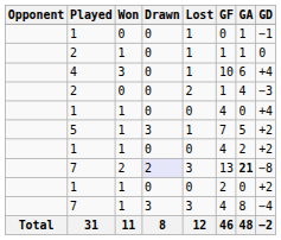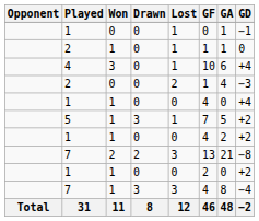 <table class="wikitable">
 <tr>
 <th>Opponent</th>
 <th>Played</th>
 <th>Won</th>
 <th>Drawn</th>
 <th>Lost</th>
 <th>GF</th>
 <th>GA</th>
 <th>GD</th>
 </tr>
 <tr bgcolor="#d0ffd0" align="center">
 </tr>
 <tr>
 <td align="left"></td>
 <td>1</td>
 <td>0</td>
 <td>0</td>
 <td>1</td>
 <td>0</td>
 <td>1</td>
 <td>−1</td>
 </tr>
 <tr>
 <td align="left"></td>
 <td>2</td>
 <td>1</td>
 <td>0</td>
 <td>1</td>
 <td>1</td>
 <td>1</td>
 <td>0</td>
 </tr>
 <tr>
 <td align="left"></td>
 <td>4</td>
 <td>3</td>
 <td>0</td>
 <td>1</td>
 <td>10</td>
 <td>6</td>
 <td>+4</td>
 </tr>
 <tr>
 <td align="left"></td>
 <td>2</td>
 <td>0</td>
 <td>0</td>
 <td>2</td>
 <td>1</td>
 <td>4</td>
 <td>−3</td>
 </tr>
 <tr>
 <td align="left"></td>
 <td>1</td>
 <td>1</td>
 <td>0</td>
 <td>0</td>
 <td>4</td>
 <td>0</td>
 <td>+4</td>
 </tr>
 <tr>
 <td align="left"></td>
 <td>5</td>
 <td>1</td>
 <td>3</td>
 <td>1</td>
 <td>7</td>
 <td>5</td>
 <td>+2</td>
 </tr>
 <tr>
 <td align="left"></td>
 <td>1</td>
 <td>1</td>
 <td>0</td>
 <td>0</td>
 <td>4</td>
 <td>2</td>
 <td>+2</td>
 </tr>
 <tr>
 <td align="left"></td>
 <td>7</td>
 <td>2</td>
-<td style="background: lavender;">2</td>
+<td>2</td>
 <td>3</td>
 <td>13</td>
-<td><strong>21</strong></td>
+<td>21</td>
 <td>−8</td>
 </tr>
 <tr>
 <td align="left"></td>
 <td>1</td>
 <td>1</td>
 <td>0</td>
 <td>0</td>
 <td>2</td>
 <td>0</td>
 <td>+2</td>
 </tr>
 <tr>
 <td align="left"></td>
 <td>7</td>
 <td>1</td>
 <td>3</td>
 <td>3</td>
 <td>4</td>
 <td>8</td>
 <td>−4</td>
 </tr>
 <tr class="sortbottom">
 <th>Total</th>
 <th>31</th>
 <th>11</th>
 <th>8</th>
 <th>12</th>
 <th>46</th>
 <th>48</th>
 <th>−2</th>
 </tr>
 </table>
